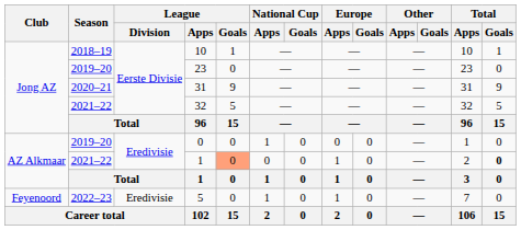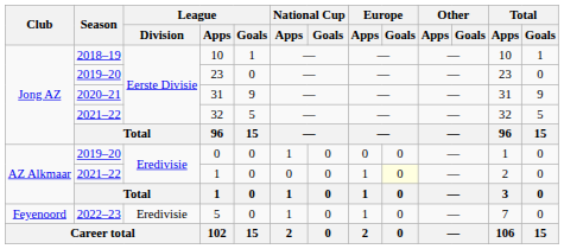 <table class="wikitable" style="text-align:center">
 <tr>
 <th rowspan="2">Club</th>
 <th rowspan="2">Season</th>
 <th colspan="3">League</th>
 <th colspan="2">National Cup</th>
 <th colspan="2">Europe</th>
 <th colspan="2">Other</th>
 <th colspan="2">Total</th>
 </tr>
 <tr>
 <th>Division</th>
 <th>Apps</th>
 <th>Goals</th>
 <th>Apps</th>
 <th>Goals</th>
 <th>Apps</th>
 <th>Goals</th>
 <th>Apps</th>
 <th>Goals</th>
 <th>Apps</th>
 <th>Goals</th>
 </tr>
 <tr>
 <td rowspan="5"><a href='#'>Jong AZ</a></td>
 <td><a href='#'>2018–19</a></td>
 <td rowspan="4"><a href='#'>Eerste Divisie</a></td>
 <td>10</td>
 <td>1</td>
 <td colspan="2">—</td>
 <td colspan="2">—</td>
 <td colspan="2">—</td>
 <td>10</td>
 <td>1</td>
 </tr>
 <tr>
 <td><a href='#'>2019–20</a></td>
 <td>23</td>
 <td>0</td>
 <td colspan="2">—</td>
 <td colspan="2">—</td>
 <td colspan="2">—</td>
 <td>23</td>
 <td>0</td>
 </tr>
 <tr>
 <td><a href='#'>2020–21</a></td>
 <td>31</td>
 <td>9</td>
 <td colspan="2">—</td>
 <td colspan="2">—</td>
 <td colspan="2">—</td>
 <td>31</td>
 <td>9</td>
 </tr>
 <tr>
 <td><a href='#'>2021–22</a></td>
 <td>32</td>
 <td>5</td>
 <td colspan="2">—</td>
 <td colspan="2">—</td>
 <td colspan="2">—</td>
 <td>32</td>
 <td>5</td>
 </tr>
 <tr>
 <th colspan="2">Total</th>
 <th>96</th>
 <th>15</th>
 <th colspan="2">—</th>
 <th colspan="2">—</th>
 <th colspan="2">—</th>
 <th>96</th>
 <th>15</th>
 </tr>
 <tr>
 <td rowspan="3"><a href='#'>AZ Alkmaar</a></td>
 <td><a href='#'>2019–20</a></td>
 <td rowspan="2"><a href='#'>Eredivisie</a></td>
 <td>0</td>
 <td>0</td>
 <td>1</td>
 <td>0</td>
 <td>0</td>
 <td>0</td>
 <td colspan="2">—</td>
 <td>1</td>
 <td>0</td>
 </tr>
 <tr>
 <td><a href='#'>2021–22</a></td>
 <td>1</td>
-<td style="background: lightsalmon;">0</td>
+<td>0</td>
 <td>0</td>
 <td>0</td>
 <td>1</td>
-<td>0</td>
+<td style="background: lightyellow;">0</td>
 <td colspan="2">—</td>
 <td>2</td>
-<td><strong>0</strong></td>
+<td>0</td>
 </tr>
 <tr>
 <th colspan="2">Total</th>
 <th>1</th>
 <th>0</th>
 <th>1</th>
 <th>0</th>
 <th>1</th>
 <th>0</th>
 <th colspan="2">—</th>
 <th>3</th>
 <th>0</th>
 </tr>
 <tr>
 <td><a href='#'>Feyenoord</a></td>
 <td><a href='#'>2022–23</a></td>
 <td>Eredivisie</td>
 <td>5</td>
 <td>0</td>
 <td>1</td>
 <td>0</td>
 <td>1</td>
 <td>0</td>
 <td colspan="2">—</td>
 <td>7</td>
 <td>0</td>
 </tr>
 <tr>
 <th colspan="3">Career total</th>
 <th>102</th>
 <th>15</th>
 <th>2</th>
 <th>0</th>
 <th>2</th>
 <th>0</th>
 <th colspan="2">—</th>
 <th>106</th>
 <th>15</th>
 </tr>
 </table>
